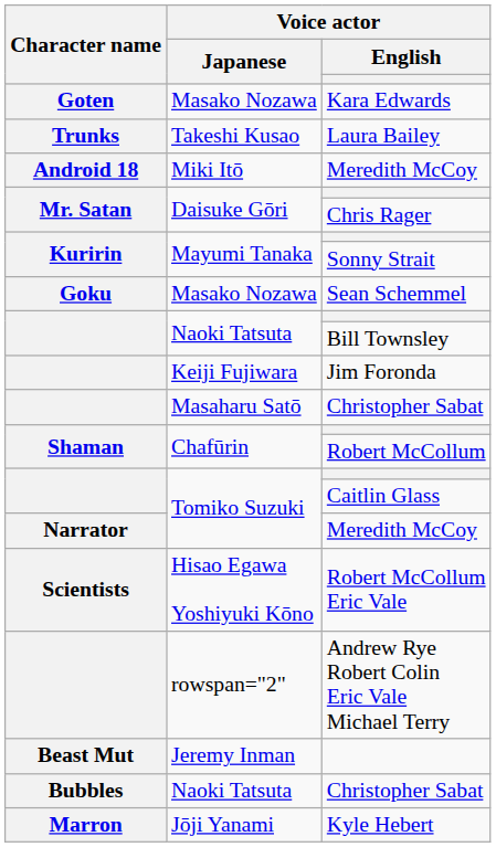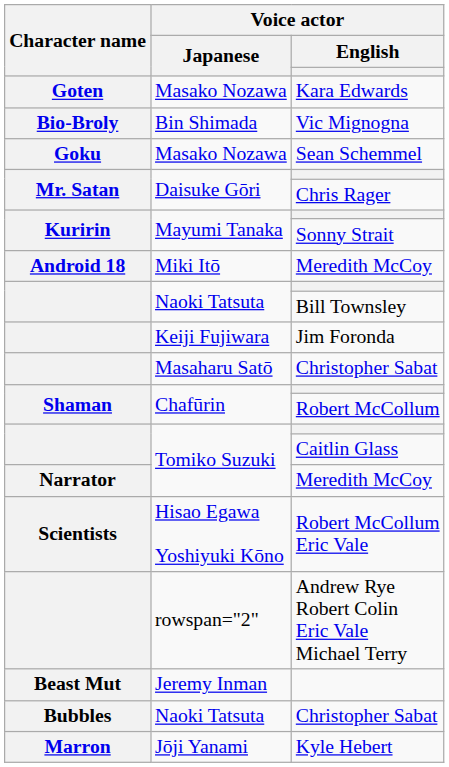 <table class="wikitable plainrowheaders">
 <tr>
 <th rowspan="3">Character name</th>
 <th colspan="2">Voice actor</th>
 </tr>
 <tr>
 <th rowspan="2">Japanese</th>
 <th>English</th>
 </tr>
 <tr>
 <th></th>
 </tr>
 <tr>
 <th scope="row"><a href='#'>Goten</a></th>
 <td><a href='#'>Masako Nozawa</a></td>
 <td><a href='#'>Kara Edwards</a></td>
 </tr>
 <tr>
-<th scope="row"><a href='#'>Trunks</a></th>
-<td><a href='#'>Takeshi Kusao</a></td>
-<td><a href='#'>Laura Bailey</a></td>
+<th scope="row"><a href='#'>Bio-Broly</a></th>
+<td><a href='#'>Bin Shimada</a></td>
+<td><a href='#'>Vic Mignogna</a></td>
 </tr>
 <tr>
-<th scope="row"><a href='#'>Android 18</a></th>
-<td><a href='#'>Miki Itō</a></td>
-<td><a href='#'>Meredith McCoy</a></td>
+<th scope="row"><a href='#'>Goku</a></th>
+<td><a href='#'>Masako Nozawa</a></td>
+<td><a href='#'>Sean Schemmel</a></td>
 </tr>
 <tr>
 <th scope="row" rowspan="2"><a href='#'>Mr. Satan</a></th>
 <td rowspan="2"><a href='#'>Daisuke Gōri</a></td>
 <th></th>
 </tr>
 <tr>
 <td><a href='#'>Chris Rager</a></td>
 </tr>
 <tr>
 <th scope="row" rowspan="2"><a href='#'>Kuririn</a></th>
 <td rowspan="2"><a href='#'>Mayumi Tanaka</a></td>
 <th></th>
 </tr>
 <tr>
 <td><a href='#'>Sonny Strait</a></td>
 </tr>
 <tr>
-<th scope="row"><a href='#'>Goku</a></th>
-<td><a href='#'>Masako Nozawa</a></td>
-<td><a href='#'>Sean Schemmel</a></td>
+<th scope="row"><a href='#'>Android 18</a></th>
+<td><a href='#'>Miki Itō</a></td>
+<td><a href='#'>Meredith McCoy</a></td>
 </tr>
 <tr>
 <th scope="row" rowspan="2"></th>
 <td rowspan="2"><a href='#'>Naoki Tatsuta</a></td>
 <th></th>
 </tr>
 <tr>
 <td>Bill Townsley</td>
 </tr>
 <tr>
 <th scope="row"></th>
 <td><a href='#'>Keiji Fujiwara</a></td>
 <td>Jim Foronda</td>
 </tr>
 <tr>
 <th scope="row"></th>
 <td><a href='#'>Masaharu Satō</a></td>
 <td><a href='#'>Christopher Sabat</a></td>
 </tr>
 <tr>
 <th scope="row" rowspan="2"><a href='#'>Shaman</a></th>
 <td rowspan="2"><a href='#'>Chafūrin</a></td>
 <th></th>
 </tr>
 <tr>
 <td><a href='#'>Robert McCollum</a></td>
 </tr>
 <tr>
 <th scope="row" rowspan="2"></th>
 <td rowspan="3"><a href='#'>Tomiko Suzuki</a></td>
 <th></th>
 </tr>
 <tr>
 <td><a href='#'>Caitlin Glass</a></td>
 </tr>
 <tr>
 <th scope="row">Narrator</th>
 <td><a href='#'>Meredith McCoy</a></td>
 </tr>
 <tr>
 <th scope="row">Scientists</th>
 <td><a href='#'>Hisao Egawa</a><br><br><a href='#'>Yoshiyuki Kōno</a></td>
 <td><a href='#'>Robert McCollum</a><br><a href='#'>Eric Vale</a></td>
 </tr>
 <tr>
 <th scope="row"></th>
 <td>rowspan="2" </td>
 <td>Andrew Rye<br>Robert Colin<br><a href='#'>Eric Vale</a><br>Michael Terry</td>
 </tr>
 <tr>
 <th scope="row">Beast Mut</th>
 <td><a href='#'>Jeremy Inman</a></td>
 </tr>
 <tr>
 <th scope="row">Bubbles</th>
 <td><a href='#'>Naoki Tatsuta</a></td>
 <td><a href='#'>Christopher Sabat</a></td>
 </tr>
 <tr>
 <th scope="row"><a href='#'>Marron</a></th>
 <td><a href='#'>Jōji Yanami</a></td>
 <td><a href='#'>Kyle Hebert</a></td>
 </tr>
 </table>
